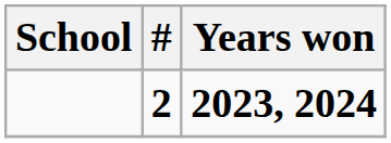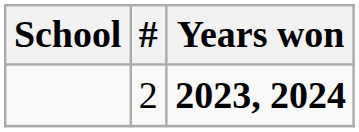 <table class="wikitable" style="text-align:center;">
 <tr>
 <th>School</th>
 <th>#</th>
 <th>Years won</th>
 </tr>
 <tr>
 <td style=><strong><a href='#'></a></strong></td>
-<td><strong>2</strong></td>
+<td>2</td>
 <td><strong>2023, 2024</strong></td>
 </tr>
 <tr>
 </tr>
 </table>
